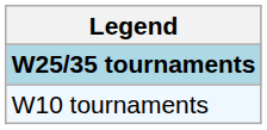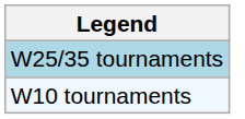 <table class="wikitable" style="font-size:85%">
 <tr>
 <th>Legend</th>
 </tr>
 <tr style="background:lightblue;">
-<td><strong>W25/35 tournaments</strong></td>
+<td>W25/35 tournaments</td>
 </tr>
 <tr style="background:#f0f8ff;">
 <td>W10 tournaments</td>
 </tr>
 </table>
